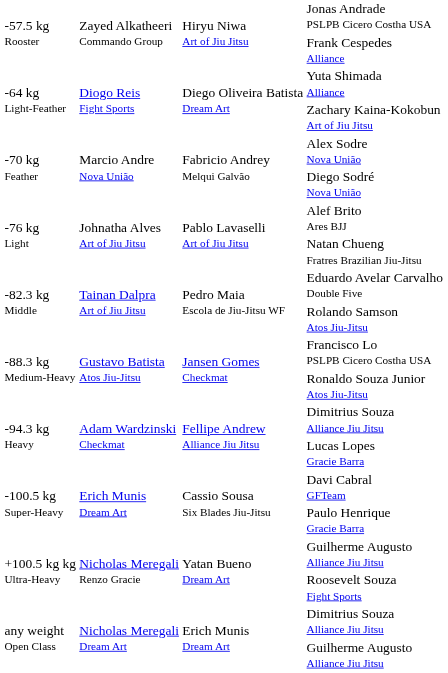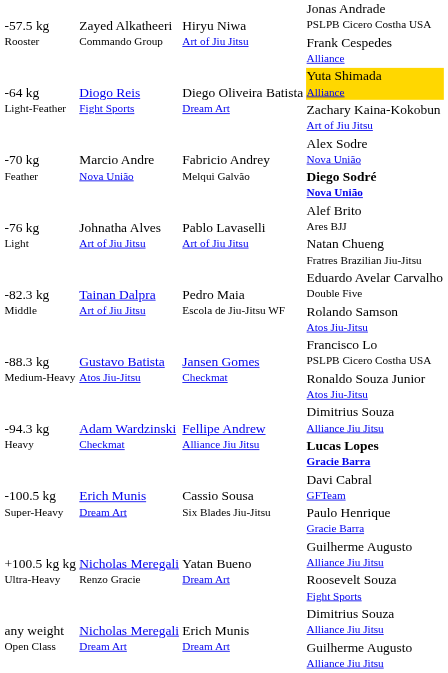 <table>
 <tr>
 <td rowspan=2>-57.5 kg<br><small>Rooster</small></td>
 <td rowspan=2> Zayed Alkatheeri<br><small>Commando Group</small></td>
 <td rowspan=2> Hiryu Niwa<br><small><a href='#'>Art of Jiu Jitsu</a></small></td>
 <td> Jonas Andrade<br><small>PSLPB Cicero Costha USA</small></td>
 </tr>
 <tr>
 <td> Frank Cespedes<br><small><a href='#'>Alliance</a></small></td>
 </tr>
 <tr>
 <td rowspan=2>-64 kg<br><small>Light-Feather</small></td>
 <td rowspan=2> <a href='#'>Diogo Reis</a><br><small><a href='#'>Fight Sports</a></small></td>
 <td rowspan=2> Diego Oliveira Batista<br><small><a href='#'>Dream Art</a></small></td>
-<td> Yuta Shimada<br><small><a href='#'>Alliance</a></small></td>
+<td style="background: gold;"> Yuta Shimada<br><small><a href='#'>Alliance</a></small></td>
 </tr>
 <tr>
 <td> Zachary Kaina-Kokobun<br><small><a href='#'>Art of Jiu Jitsu</a></small></td>
 </tr>
 <tr>
 <td rowspan=2>-70 kg<br><small>Feather</small></td>
 <td rowspan=2> Marcio Andre<br><small><a href='#'>Nova União</a></small></td>
 <td rowspan=2> Fabricio Andrey<br><small>Melqui Galvão</small></td>
 <td> Alex Sodre<br><small><a href='#'>Nova União</a></small></td>
 </tr>
 <tr>
-<td> Diego Sodré<br><small><a href='#'>Nova União</a></small></td>
+<td><strong> Diego Sodré<br><small><a href='#'>Nova União</a></small></strong></td>
 </tr>
 <tr>
 <td rowspan=2>-76 kg<br><small>Light</small></td>
 <td rowspan=2> Johnatha Alves<br><small><a href='#'>Art of Jiu Jitsu</a></small></td>
 <td rowspan=2>Pablo Lavaselli<br><small><a href='#'>Art of Jiu Jitsu</a></small></td>
 <td> Alef Brito<br><small>Ares BJJ</small></td>
 </tr>
 <tr>
 <td> Natan Chueng<br><small>Fratres Brazilian Jiu-Jitsu</small></td>
 </tr>
 <tr>
 <td rowspan=2>-82.3 kg<br><small>Middle</small></td>
 <td rowspan=2> <a href='#'>Tainan Dalpra</a><br><small><a href='#'>Art of Jiu Jitsu</a></small></td>
 <td rowspan=2> Pedro Maia<br><small>Escola de Jiu-Jitsu WF</small></td>
 <td> Eduardo Avelar Carvalho<br><small>Double Five</small></td>
 </tr>
 <tr>
 <td> Rolando Samson<br><small><a href='#'>Atos Jiu-Jitsu</a></small></td>
 </tr>
 <tr>
 <td rowspan=2>-88.3 kg<br><small>Medium-Heavy</small></td>
 <td rowspan=2> <a href='#'>Gustavo Batista</a><br><small><a href='#'>Atos Jiu-Jitsu</a></small></td>
 <td rowspan=2> <a href='#'>Jansen Gomes</a><br><small><a href='#'>Checkmat</a></small></td>
 <td> Francisco Lo<br><small>PSLPB Cicero Costha USA</small></td>
 </tr>
 <tr>
 <td> Ronaldo Souza Junior<br><small><a href='#'>Atos Jiu-Jitsu</a></small></td>
 </tr>
 <tr>
 <td rowspan=2>-94.3 kg<br><small>Heavy </small></td>
 <td rowspan=2> <a href='#'>Adam Wardzinski</a><br><small><a href='#'>Checkmat</a></small></td>
 <td rowspan=2> <a href='#'>Fellipe Andrew</a><br><small><a href='#'>Alliance Jiu Jitsu</a></small></td>
 <td> Dimitrius Souza<br><small><a href='#'>Alliance Jiu Jitsu</a></small></td>
 </tr>
 <tr>
-<td> Lucas Lopes<br><small><a href='#'>Gracie Barra</a></small></td>
+<td><strong> Lucas Lopes<br><small><a href='#'>Gracie Barra</a></small></strong></td>
 </tr>
 <tr>
 <td rowspan=2>-100.5 kg<br><small>Super-Heavy</small></td>
 <td rowspan=2> <a href='#'>Erich Munis</a><br><small><a href='#'>Dream Art</a></small></td>
 <td rowspan=2> Cassio Sousa<br><small>Six Blades Jiu-Jitsu</small></td>
 <td> Davi Cabral<br><small><a href='#'>GFTeam</a></small></td>
 </tr>
 <tr>
 <td> Paulo Henrique<br><small><a href='#'>Gracie Barra</a></small></td>
 </tr>
 <tr>
 <td rowspan=2>+100.5 kg kg<br><small>Ultra-Heavy</small></td>
 <td rowspan=2> <a href='#'>Nicholas Meregali</a><br><small>Renzo Gracie</small></td>
 <td rowspan=2> Yatan Bueno<br><small><a href='#'>Dream Art</a></small></td>
 <td> Guilherme Augusto<br><small><a href='#'>Alliance Jiu Jitsu</a></small></td>
 </tr>
 <tr>
 <td> Roosevelt Souza<br><small><a href='#'>Fight Sports</a> </small></td>
 </tr>
 <tr>
 <td rowspan=2>any weight<br><small>Open Class</small></td>
 <td rowspan=2> <a href='#'>Nicholas Meregali</a><br><small><a href='#'>Dream Art</a></small></td>
 <td rowspan=2> Erich Munis<br><small><a href='#'>Dream Art</a></small></td>
 <td> Dimitrius Souza<br><small><a href='#'>Alliance Jiu Jitsu</a></small></td>
 </tr>
 <tr>
 <td> Guilherme Augusto<br><small><a href='#'>Alliance Jiu Jitsu</a></small></td>
 </tr>
 <tr>
 </tr>
 <tr>
 </tr>
 </table>
